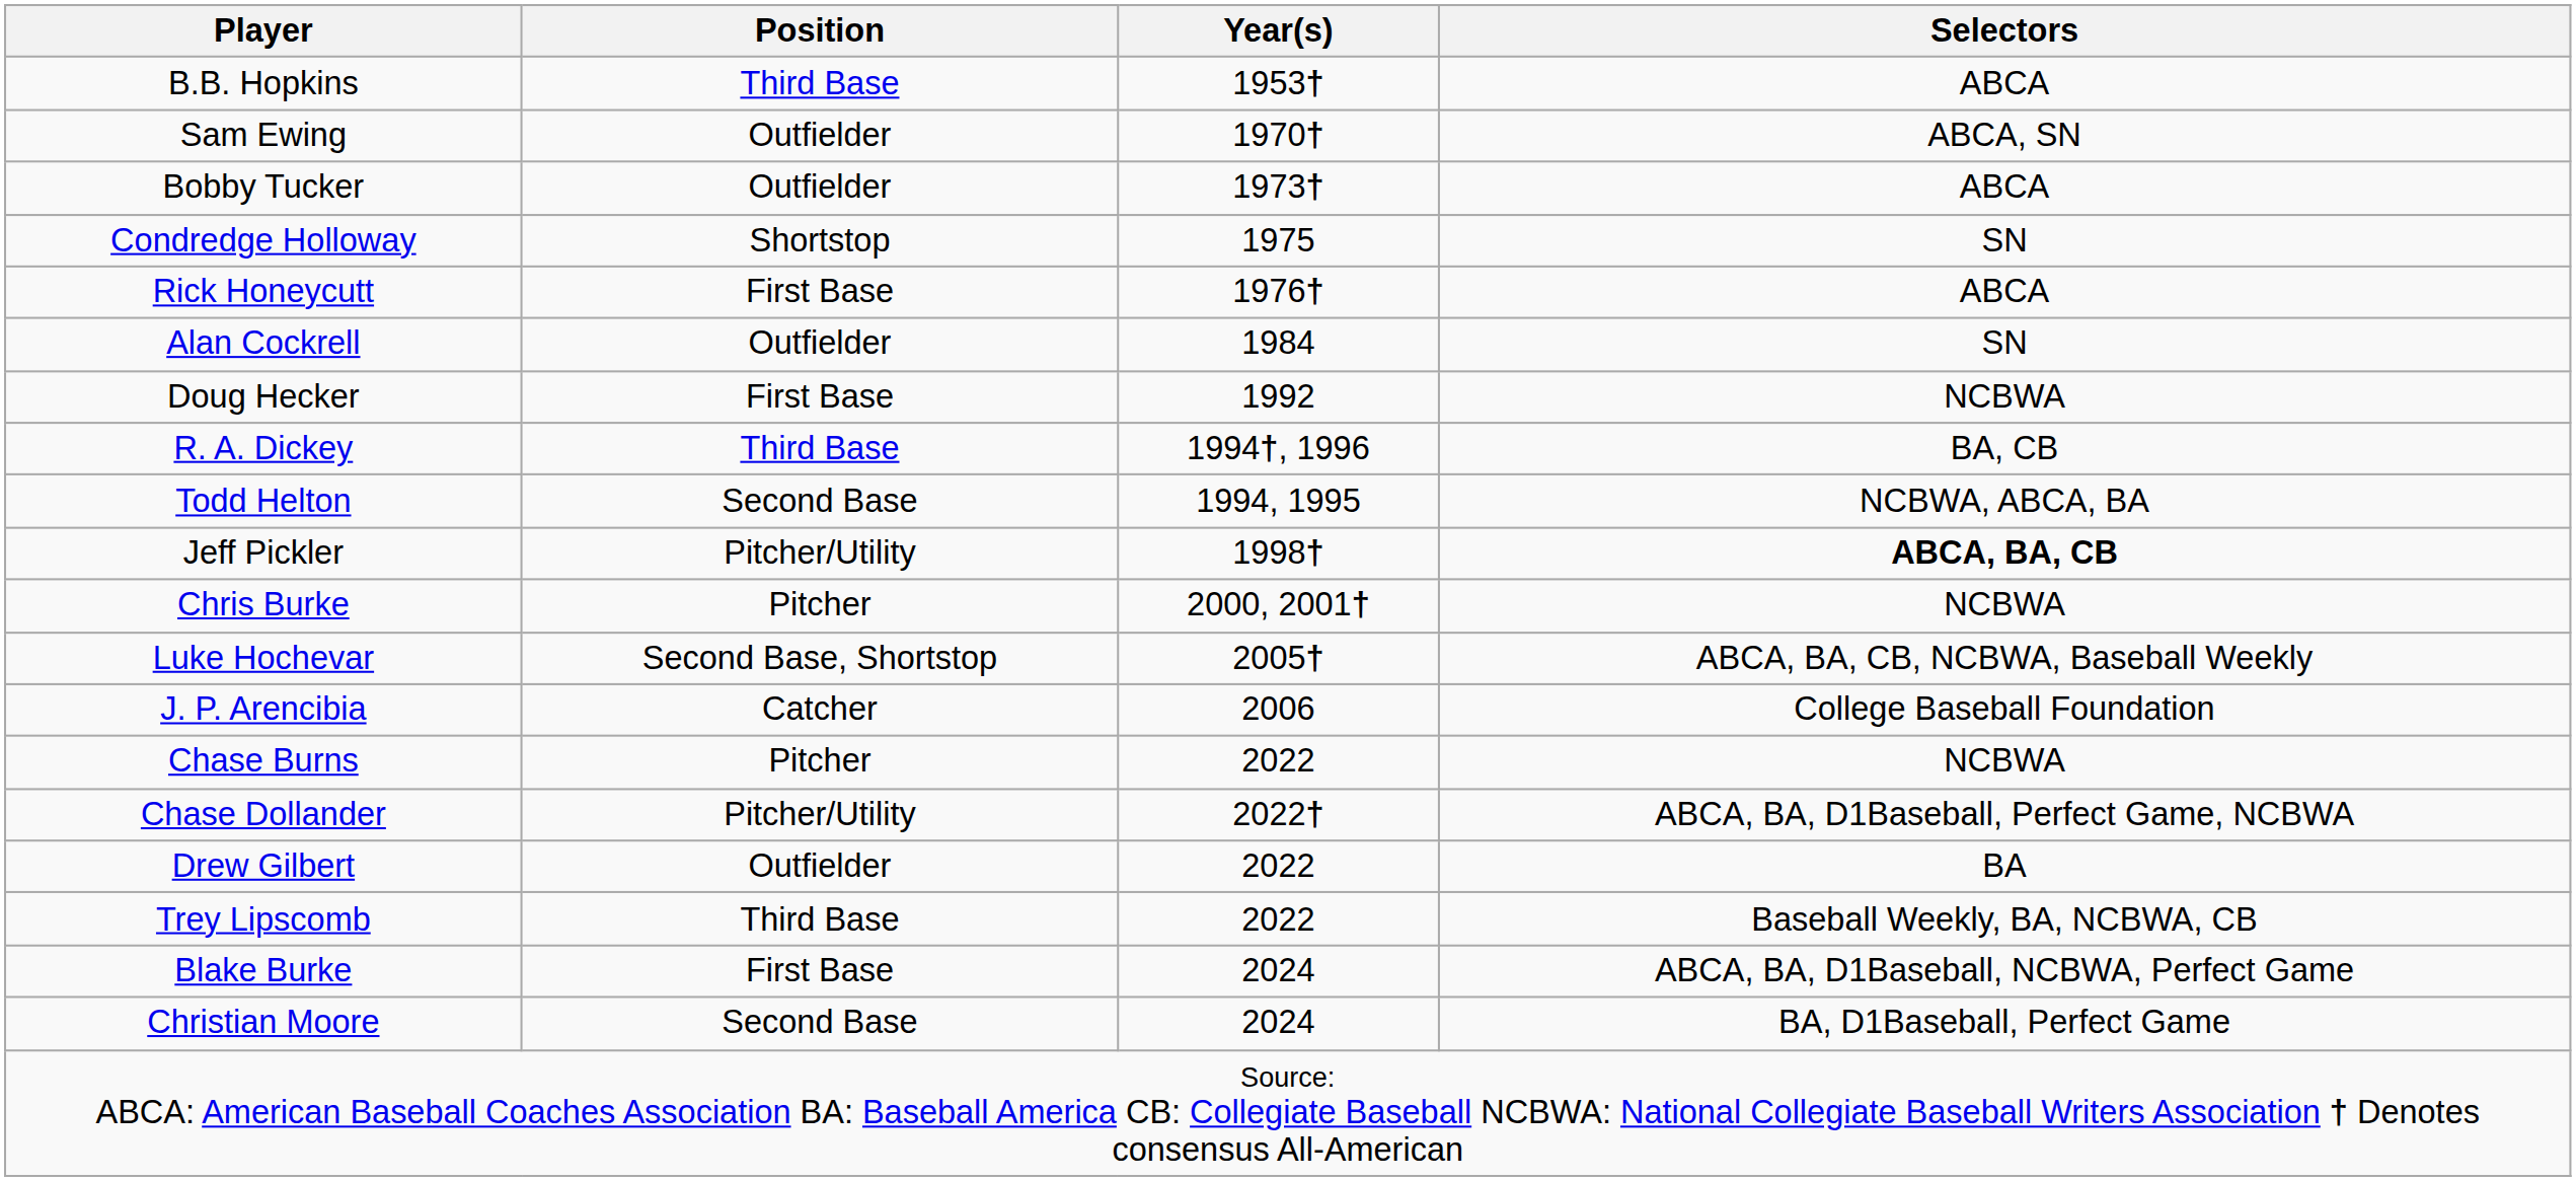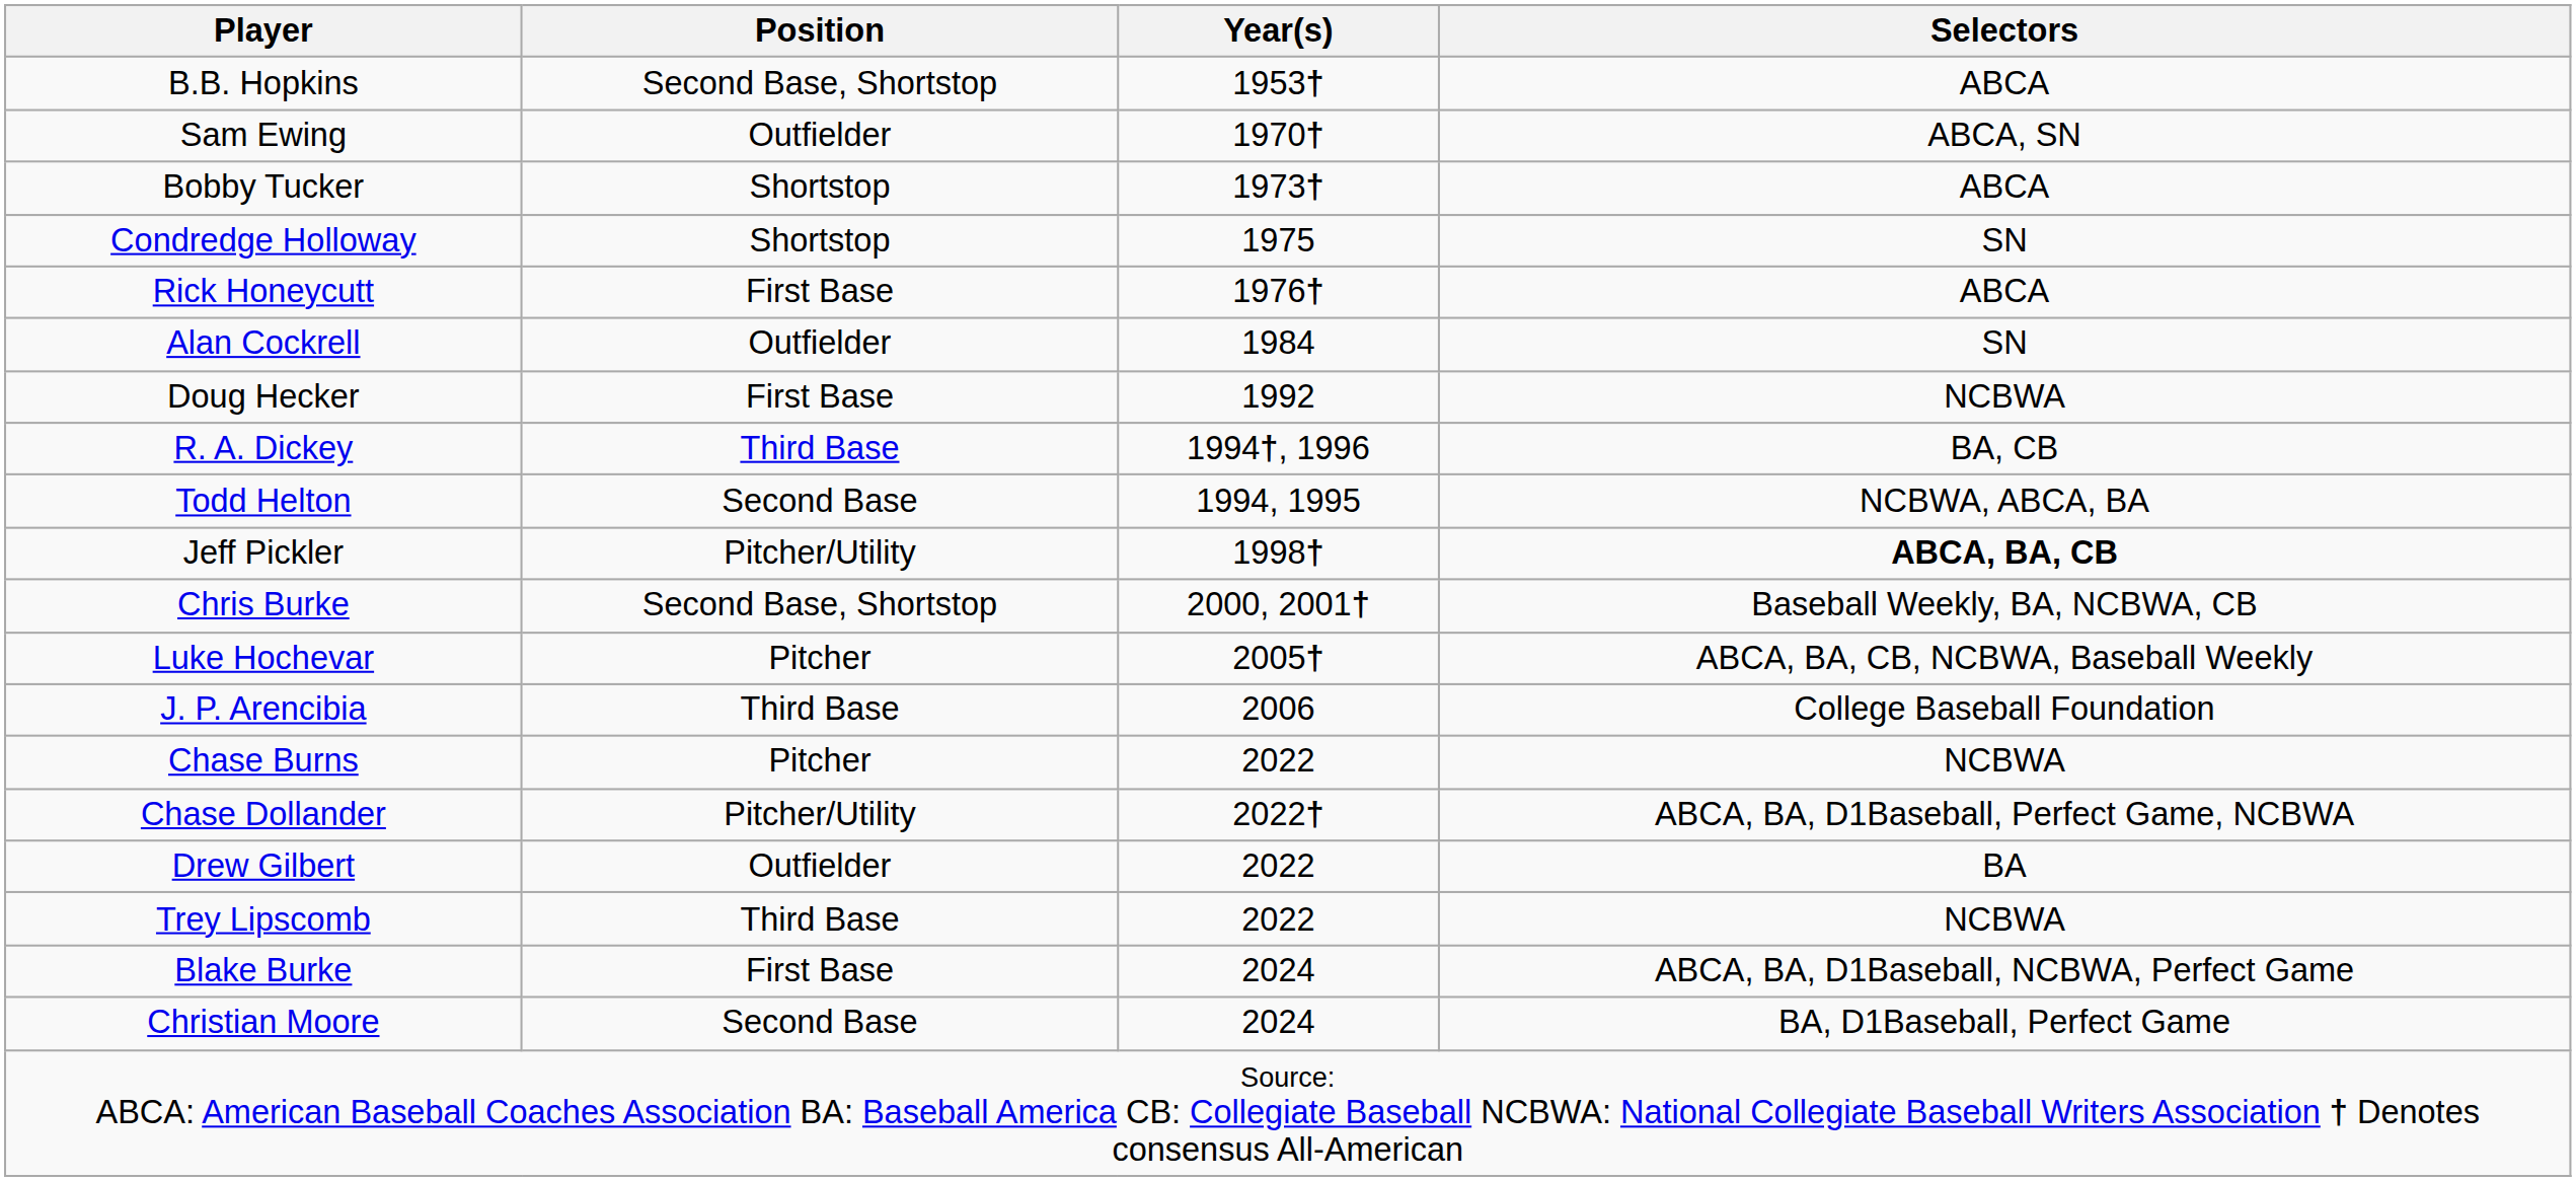 <table class="wikitable">
 <tr>
 <th>Player</th>
 <th>Position</th>
 <th>Year(s)</th>
 <th>Selectors</th>
 </tr>
 <tr align="center">
 <td>B.B. Hopkins</td>
-<td><a href='#'>Third Base</a></td>
+<td>Second Base, Shortstop</td>
 <td>1953<strong>†</strong></td>
 <td>ABCA</td>
 </tr>
 <tr align="center">
 <td>Sam Ewing</td>
 <td>Outfielder</td>
 <td>1970<strong>†</strong></td>
 <td>ABCA, SN</td>
 </tr>
 <tr align="center">
 <td>Bobby Tucker</td>
-<td>Outfielder</td>
+<td>Shortstop</td>
 <td>1973<strong>†</strong></td>
 <td>ABCA</td>
 </tr>
 <tr align="center">
 <td><a href='#'>Condredge Holloway</a></td>
 <td>Shortstop</td>
 <td>1975</td>
 <td>SN</td>
 </tr>
 <tr align="center">
 <td><a href='#'>Rick Honeycutt</a></td>
 <td>First Base</td>
 <td>1976<strong>†</strong></td>
 <td>ABCA</td>
 </tr>
 <tr align="center">
 <td><a href='#'>Alan Cockrell</a></td>
 <td>Outfielder</td>
 <td>1984</td>
 <td>SN</td>
 </tr>
 <tr align="center">
 <td>Doug Hecker</td>
 <td>First Base</td>
 <td>1992</td>
 <td>NCBWA</td>
 </tr>
 <tr align="center">
 <td><a href='#'>R. A. Dickey</a></td>
 <td><a href='#'>Third Base</a></td>
 <td>1994<strong>†</strong>, 1996</td>
 <td>BA, CB</td>
 </tr>
 <tr align="center">
 <td><a href='#'>Todd Helton</a></td>
 <td>Second Base</td>
 <td>1994, 1995</td>
 <td>NCBWA, ABCA, BA</td>
 </tr>
 <tr align="center">
 <td>Jeff Pickler</td>
 <td>Pitcher/Utility</td>
 <td>1998<strong>†</strong></td>
 <td><strong>ABCA, BA, CB</strong></td>
 </tr>
 <tr align="center">
 <td><a href='#'> Chris Burke</a></td>
-<td>Pitcher</td>
+<td>Second Base, Shortstop</td>
 <td>2000, 2001<strong>†</strong></td>
-<td>NCBWA</td>
+<td>Baseball Weekly, BA, NCBWA, CB</td>
 </tr>
 <tr align="center">
 <td><a href='#'>Luke Hochevar</a></td>
-<td>Second Base, Shortstop</td>
+<td>Pitcher</td>
 <td>2005<strong>†</strong></td>
 <td>ABCA, BA, CB, NCBWA, Baseball Weekly</td>
 </tr>
 <tr align="center">
 <td><a href='#'>J. P. Arencibia</a></td>
-<td>Catcher</td>
+<td>Third Base</td>
 <td>2006</td>
 <td>College Baseball Foundation</td>
 </tr>
 <tr align="center">
 <td><a href='#'>Chase Burns</a></td>
 <td>Pitcher</td>
 <td>2022</td>
 <td>NCBWA</td>
 </tr>
 <tr align="center">
 <td><a href='#'>Chase Dollander</a></td>
 <td>Pitcher/Utility</td>
 <td>2022<strong>†</strong></td>
 <td>ABCA, BA, D1Baseball, Perfect Game, NCBWA</td>
 </tr>
 <tr align="center">
 <td><a href='#'>Drew Gilbert</a></td>
 <td>Outfielder</td>
 <td>2022</td>
 <td>BA</td>
 </tr>
 <tr align="center">
 <td><a href='#'>Trey Lipscomb</a></td>
 <td>Third Base</td>
 <td>2022</td>
-<td>Baseball Weekly, BA, NCBWA, CB</td>
+<td>NCBWA</td>
 </tr>
 <tr align="center">
 <td><a href='#'>Blake Burke</a></td>
 <td>First Base</td>
 <td>2024</td>
 <td>ABCA, BA, D1Baseball, NCBWA, Perfect Game</td>
 </tr>
 <tr align="center">
 <td><a href='#'>Christian Moore</a></td>
 <td>Second Base</td>
 <td>2024</td>
 <td>BA, D1Baseball, Perfect Game</td>
 </tr>
 <tr align="center">
 <td colspan=4><small>Source:</small><br>ABCA: <a href='#'>American Baseball Coaches Association</a> BA: <a href='#'>Baseball America</a> CB: <a href='#'>Collegiate Baseball</a> NCBWA: <a href='#'>National Collegiate Baseball Writers Association</a> <strong>†</strong> Denotes consensus All-American</td>
 </tr>
 <tr>
 </tr>
 </table>
